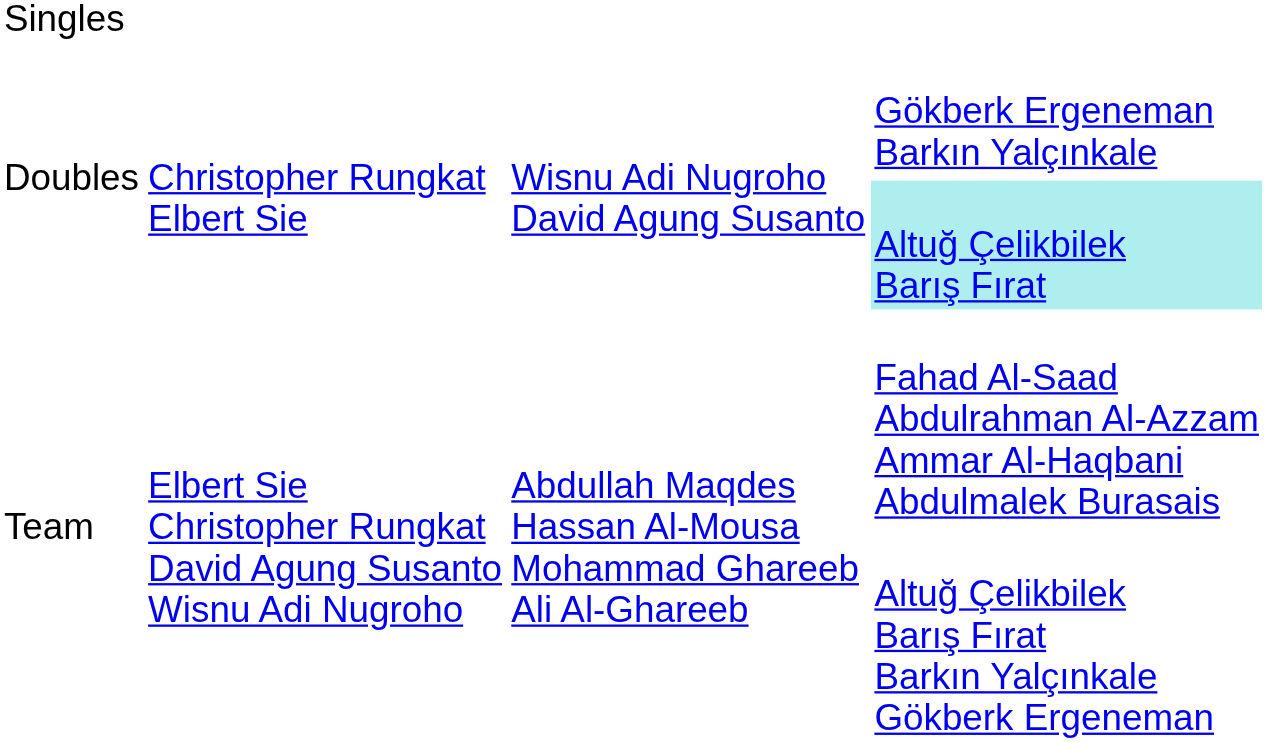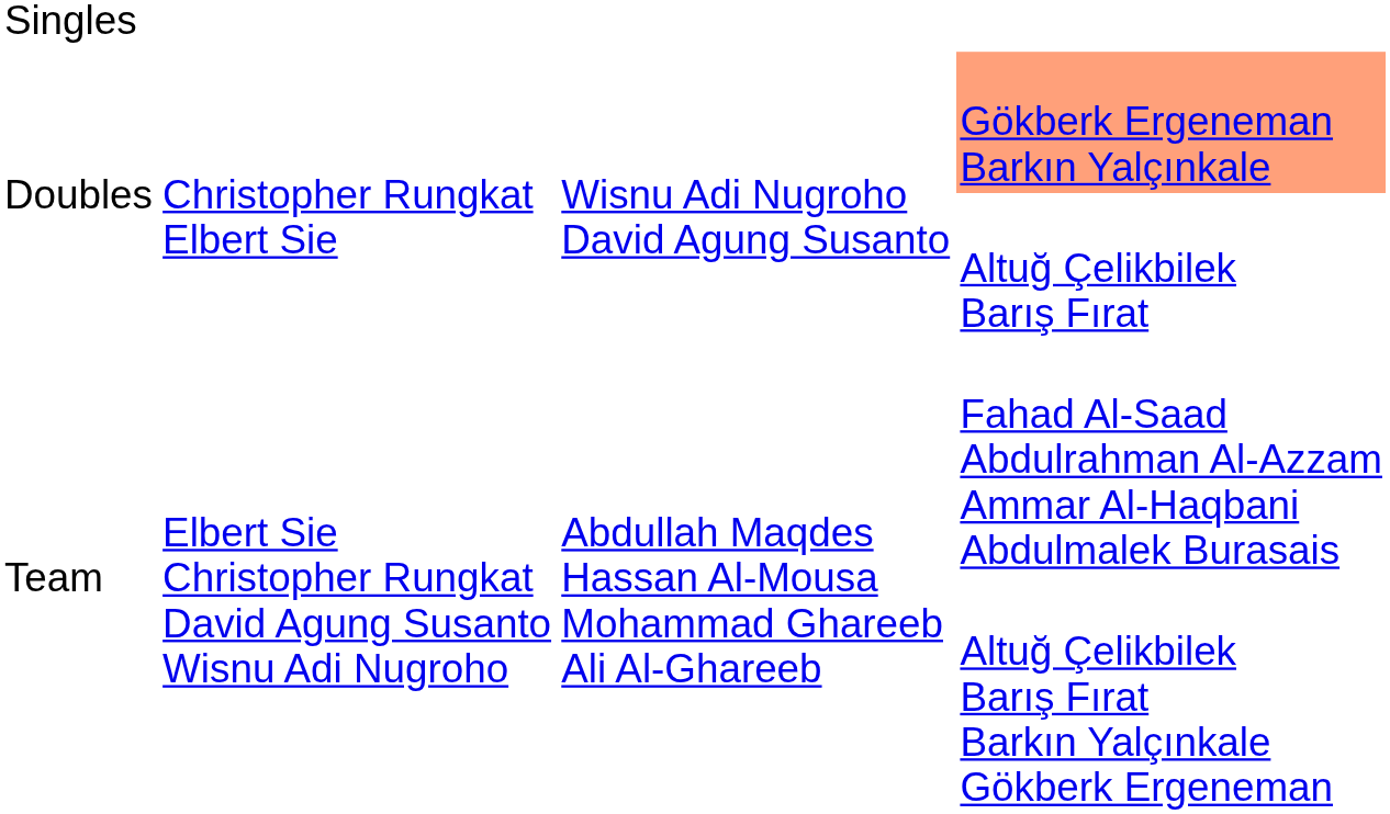 <table>
 <tr>
 <td rowspan=2>Singles</td>
 <td rowspan=2></td>
 <td rowspan=2></td>
 <td></td>
 </tr>
 <tr>
 <td></td>
 </tr>
 <tr>
 <td rowspan=2>Doubles</td>
 <td rowspan=2><br><a href='#'>Christopher Rungkat</a><br><a href='#'>Elbert Sie</a></td>
 <td rowspan=2><br><a href='#'>Wisnu Adi Nugroho</a><br><a href='#'>David Agung Susanto</a></td>
-<td><br><a href='#'>Gökberk Ergeneman</a><br><a href='#'>Barkın Yalçınkale</a></td>
+<td style="background: lightsalmon;"><br><a href='#'>Gökberk Ergeneman</a><br><a href='#'>Barkın Yalçınkale</a></td>
 </tr>
 <tr>
-<td style="background: paleturquoise;"><br><a href='#'>Altuğ Çelikbilek</a><br><a href='#'>Barış Fırat</a></td>
+<td><br><a href='#'>Altuğ Çelikbilek</a><br><a href='#'>Barış Fırat</a></td>
 </tr>
 <tr>
 <td rowspan=2>Team</td>
 <td rowspan=2><br><a href='#'>Elbert Sie</a><br><a href='#'>Christopher Rungkat</a><br><a href='#'>David Agung Susanto</a><br><a href='#'>Wisnu Adi Nugroho</a></td>
 <td rowspan=2><br><a href='#'>Abdullah Maqdes</a><br><a href='#'>Hassan Al-Mousa</a><br><a href='#'>Mohammad Ghareeb</a><br><a href='#'>Ali Al-Ghareeb</a></td>
 <td><br><a href='#'>Fahad Al-Saad</a><br><a href='#'>Abdulrahman Al-Azzam</a><br><a href='#'>Ammar Al-Haqbani</a><br><a href='#'>Abdulmalek Burasais</a></td>
 </tr>
 <tr>
 <td><br><a href='#'>Altuğ Çelikbilek</a><br><a href='#'>Barış Fırat</a><br><a href='#'>Barkın Yalçınkale</a><br><a href='#'>Gökberk Ergeneman</a></td>
 </tr>
 </table>
